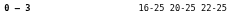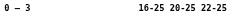 <table width=100% cellspacing=1>
 <tr>
 <th width=20%></th>
 <th width=12%></th>
 <th width=20%></th>
 <th width=33%></th>
 <td></td>
 </tr>
 <tr style=font-size:90%>
 <td align=right></td>
 <td align=center><strong>0 – 3</strong></td>
 <td></td>
-<td>16-25 20-25 22-25</td>
+<td><strong>16-25 20-25 22-25</strong></td>
 </tr>
 </table>
